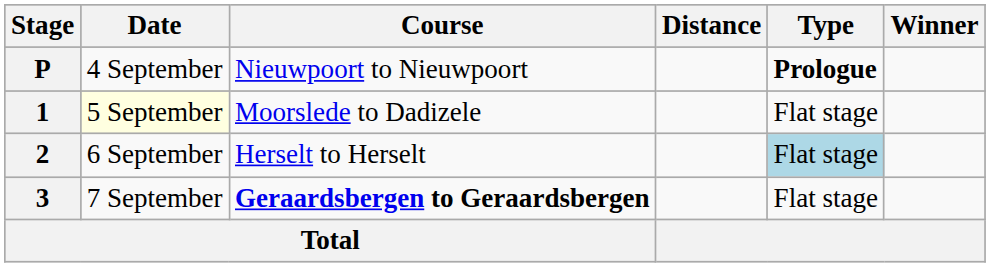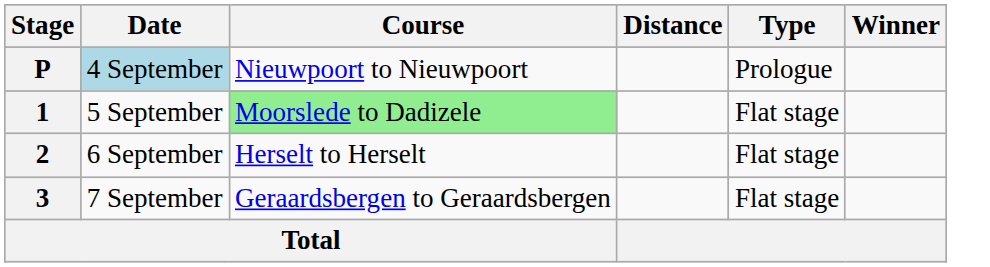 <table class=wikitable>
 <tr>
 <th>Stage</th>
 <th>Date</th>
 <th>Course</th>
 <th>Distance</th>
 <th>Type</th>
 <th>Winner</th>
 </tr>
 <tr>
 <th align=center>P</th>
-<td align=center>4 September</td>
+<td align=center style="background: lightblue;">4 September</td>
 <td><a href='#'>Nieuwpoort</a> to Nieuwpoort</td>
 <td align=center></td>
-<td><strong>Prologue</strong></td>
+<td>Prologue</td>
 <td></td>
 </tr>
 <tr>
 <th align=center>1</th>
-<td align=center style="background: lightyellow;">5 September</td>
-<td><a href='#'>Moorslede</a> to Dadizele</td>
+<td align=center>5 September</td>
+<td style="background: lightgreen;"><a href='#'>Moorslede</a> to Dadizele</td>
 <td align=center></td>
 <td>Flat stage</td>
 <td></td>
 </tr>
 <tr>
 <th align=center>2</th>
 <td align=center>6 September</td>
 <td><a href='#'>Herselt</a> to Herselt</td>
 <td align=center></td>
-<td style="background: lightblue;">Flat stage</td>
+<td>Flat stage</td>
 <td></td>
 </tr>
 <tr>
 <th align=center>3</th>
 <td align=center>7 September</td>
-<td><strong><a href='#'>Geraardsbergen</a> to Geraardsbergen</strong></td>
+<td><a href='#'>Geraardsbergen</a> to Geraardsbergen</td>
 <td align=center></td>
 <td>Flat stage</td>
 <td></td>
 </tr>
 <tr>
 <th colspan=3>Total</th>
 <th colspan=5></th>
 </tr>
 </table>
